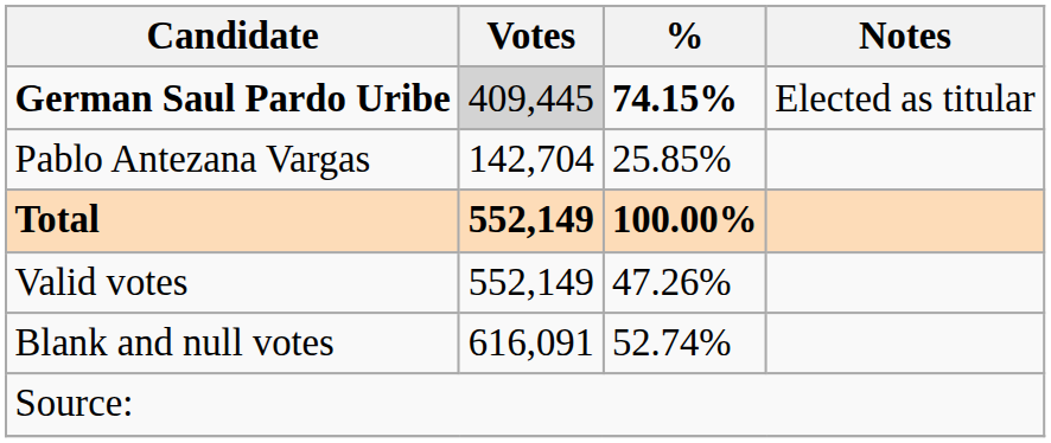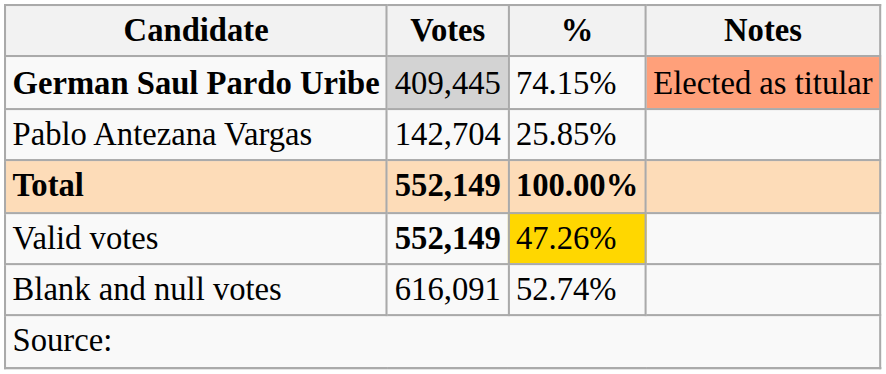 <table class=wikitable>
 <tr>
 <th>Candidate</th>
 <th>Votes</th>
 <th>%</th>
 <th>Notes</th>
 </tr>
 <tr>
 <td><strong>German Saul Pardo Uribe</strong></td>
 <td style="background: lightgrey;">409,445</td>
-<td><strong>74.15%</strong></td>
-<td>Elected as titular</td>
+<td>74.15%</td>
+<td style="background: lightsalmon;">Elected as titular</td>
 </tr>
 <tr>
 <td>Pablo Antezana Vargas</td>
 <td>142,704</td>
 <td>25.85%</td>
 <td></td>
 </tr>
 <tr>
 <td style="background:#FDDCB8"><strong>Total</strong></td>
 <td style="background:#FDDCB8"><strong>552,149</strong></td>
 <td style="background:#FDDCB8"><strong>100.00%</strong></td>
 <td style="background:#FDDCB8"></td>
 </tr>
 <tr>
 <td>Valid votes</td>
-<td>552,149</td>
-<td>47.26%</td>
+<td><strong>552,149</strong></td>
+<td style="background: gold;">47.26%</td>
 <td></td>
 </tr>
 <tr>
 <td>Blank and null votes</td>
 <td>616,091</td>
 <td>52.74%</td>
 <td></td>
 </tr>
 <tr>
 <td colspan="4">Source: </td>
 </tr>
 <tr>
 </tr>
 </table>
